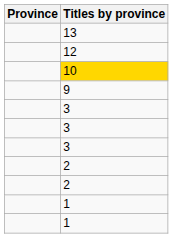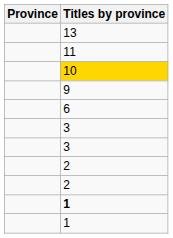 <table class="wikitable">
 <tr>
 <th>Province</th>
 <th>Titles by province</th>
 </tr>
 <tr>
 <td></td>
 <td>13</td>
 </tr>
 <tr>
 <td></td>
-<td>12</td>
+<td>11</td>
 </tr>
 <tr>
 <td></td>
 <td style="background: gold;">10</td>
 </tr>
 <tr>
 <td></td>
 <td>9</td>
 </tr>
 <tr>
 <td></td>
-<td>3</td>
+<td>6</td>
 </tr>
 <tr>
 <td></td>
 <td>3</td>
 </tr>
 <tr>
 <td></td>
 <td>3</td>
 </tr>
 <tr>
 <td></td>
 <td>2</td>
 </tr>
 <tr>
 <td></td>
 <td>2</td>
 </tr>
 <tr>
 <td></td>
-<td>1</td>
+<td><strong>1</strong></td>
 </tr>
 <tr>
 <td></td>
 <td>1</td>
 </tr>
 </table>
